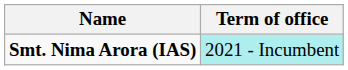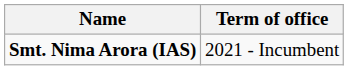 <table class="wikitable">
 <tr>
 <th>Name</th>
 <th>Term of office</th>
 </tr>
 <tr>
 <td><strong>Smt. Nima Arora (IAS)</strong></td>
-<td style="background: paleturquoise;">2021 - Incumbent</td>
+<td>2021 - Incumbent</td>
 </tr>
 </table>
